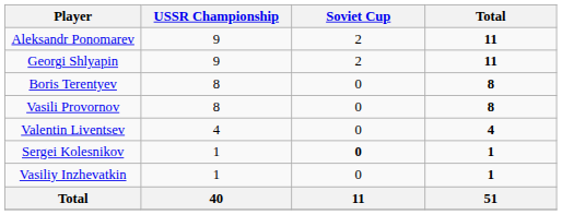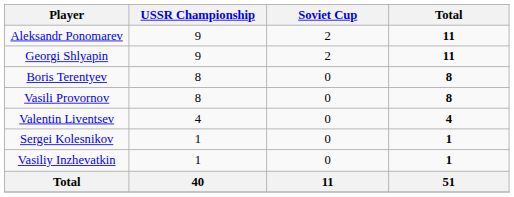 <table class="wikitable sortable" style="text-align:center; font-size:95%">
 <tr>
 <th width=180px>Player</th>
 <th width=192px><a href='#'>USSR Championship</a></th>
 <th width=192px><a href='#'>Soviet Cup</a></th>
 <th width=192px>Total</th>
 </tr>
 <tr>
 <td><a href='#'>Aleksandr Ponomarev</a></td>
 <td>9</td>
 <td>2</td>
 <td><strong>11</strong></td>
 </tr>
 <tr>
 <td><a href='#'>Georgi Shlyapin</a></td>
 <td>9</td>
 <td>2</td>
 <td><strong>11</strong></td>
 </tr>
 <tr>
 <td><a href='#'>Boris Terentyev</a></td>
 <td>8</td>
 <td>0</td>
 <td><strong>8</strong></td>
 </tr>
 <tr>
 <td><a href='#'>Vasili Provornov</a></td>
 <td>8</td>
 <td>0</td>
 <td><strong>8</strong></td>
 </tr>
 <tr>
 <td><a href='#'>Valentin Liventsev</a></td>
 <td>4</td>
 <td>0</td>
 <td><strong>4</strong></td>
 </tr>
 <tr>
 <td><a href='#'>Sergei Kolesnikov</a></td>
 <td>1</td>
-<td><strong>0</strong></td>
+<td>0</td>
 <td><strong>1</strong></td>
 </tr>
 <tr>
 <td><a href='#'>Vasiliy Inzhevatkin</a></td>
 <td>1</td>
 <td>0</td>
 <td><strong>1</strong></td>
 </tr>
 <tr class="sortbottom">
 <th>Total</th>
 <th>40</th>
 <th>11</th>
 <th>51</th>
 </tr>
 <tr>
 </tr>
 </table>
